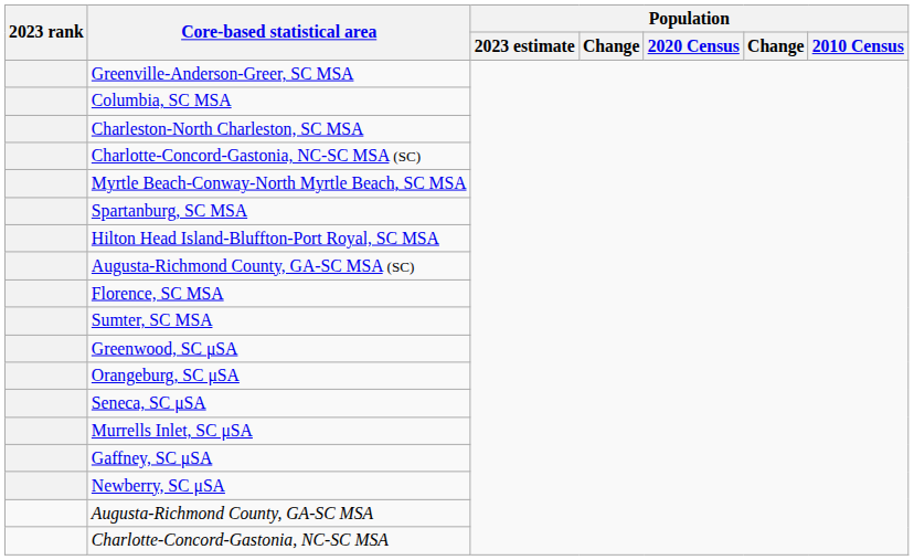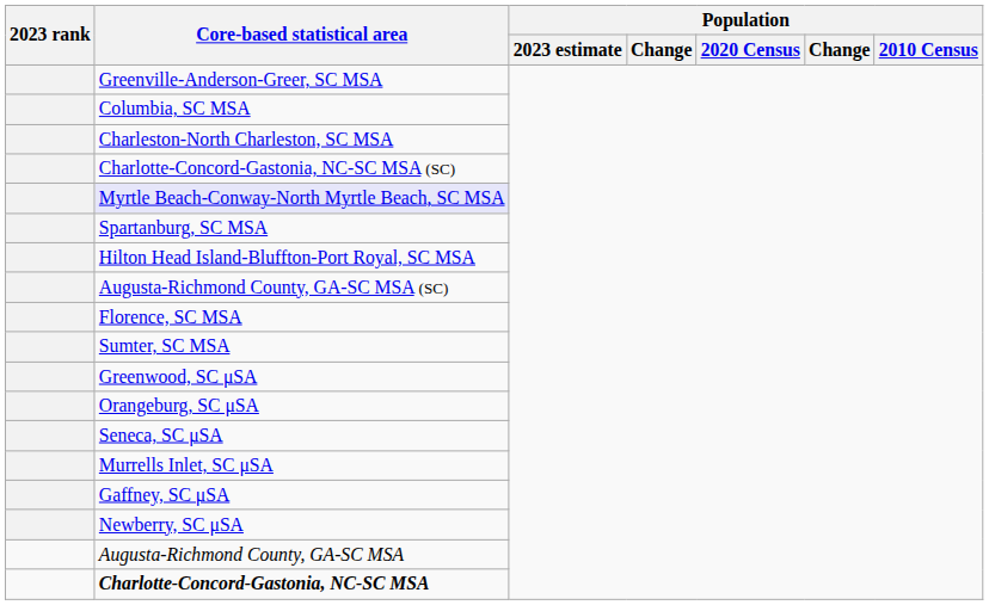 <table class="wikitable sortable">
 <tr>
 <th scope=col rowspan=2>2023 rank</th>
 <th scope=col rowspan=2><a href='#'>Core-based statistical area</a></th>
 <th colspan=5>Population</th>
 </tr>
 <tr>
 <th scope=col>2023 estimate</th>
 <th scope=col>Change</th>
 <th scope=col><a href='#'>2020 Census</a></th>
 <th scope=col>Change</th>
 <th scope=col><a href='#'>2010 Census</a></th>
 </tr>
 <tr>
 <th scope=row></th>
 <td><a href='#'>Greenville-Anderson-Greer, SC MSA</a><br></td>
 </tr>
 <tr>
 <th scope=row></th>
 <td><a href='#'>Columbia, SC MSA</a><br></td>
 </tr>
 <tr>
 <th scope=row></th>
 <td><a href='#'>Charleston-North Charleston, SC MSA</a><br></td>
 </tr>
 <tr>
 <th scope=row></th>
 <td><a href='#'>Charlotte-Concord-Gastonia, NC-SC MSA</a> <small>(SC)</small><br></td>
 </tr>
 <tr>
 <th scope=row></th>
-<td><a href='#'>Myrtle Beach-Conway-North Myrtle Beach, SC MSA</a><br></td>
+<td style="background: lavender;"><a href='#'>Myrtle Beach-Conway-North Myrtle Beach, SC MSA</a><br></td>
 </tr>
 <tr>
 <th scope=row></th>
 <td><a href='#'>Spartanburg, SC MSA</a><br></td>
 </tr>
 <tr>
 <th scope=row></th>
 <td><a href='#'>Hilton Head Island-Bluffton-Port Royal, SC MSA</a><br></td>
 </tr>
 <tr>
 <th scope=row></th>
 <td><a href='#'>Augusta-Richmond County, GA-SC MSA</a> <small>(SC)</small><br></td>
 </tr>
 <tr>
 <th scope=row></th>
 <td><a href='#'>Florence, SC MSA</a><br></td>
 </tr>
 <tr>
 <th scope=row></th>
 <td><a href='#'>Sumter, SC MSA</a><br></td>
 </tr>
 <tr>
 <th scope=row></th>
 <td><a href='#'>Greenwood, SC μSA</a><br></td>
 </tr>
 <tr>
 <th scope=row></th>
 <td><a href='#'>Orangeburg, SC μSA</a><br></td>
 </tr>
 <tr>
 <th scope=row></th>
 <td><a href='#'>Seneca, SC μSA</a><br></td>
 </tr>
 <tr>
 <th scope=row></th>
 <td><a href='#'>Murrells Inlet, SC μSA</a><br></td>
 </tr>
 <tr>
 <th scope=row></th>
 <td><a href='#'>Gaffney, SC μSA</a><br></td>
 </tr>
 <tr>
 <th scope=row></th>
 <td><a href='#'>Newberry, SC μSA</a><br></td>
 </tr>
 <tr>
 <td></td>
 <td><em><span>Augusta-Richmond County, GA-SC MSA</span></em><br></td>
 </tr>
 <tr>
 <td></td>
-<td><em><span>Charlotte-Concord-Gastonia, NC-SC MSA</span></em><br></td>
+<td><strong><em><span>Charlotte-Concord-Gastonia, NC-SC MSA</span></em><br></strong></td>
 </tr>
 </table>
